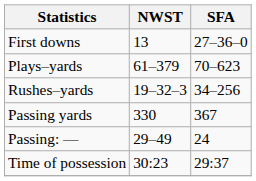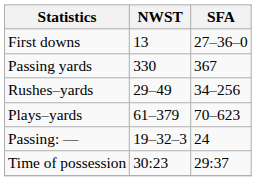 <table class="wikitable" style="float: left;">
 <tr>
 <th>Statistics</th>
 <th>NWST</th>
 <th>SFA</th>
 </tr>
 <tr>
 <td>First downs</td>
 <td>13</td>
 <td>27–36–0</td>
 </tr>
 <tr>
+<td>Passing yards</td>
+<td>330</td>
+<td>367</td>
+</tr>
+<tr>
+<td>Rushes–yards</td>
+<td>29–49</td>
+<td>34–256</td>
+</tr>
+<tr>
 <td>Plays–yards</td>
 <td>61–379</td>
 <td>70–623</td>
 </tr>
 <tr>
-<td>Rushes–yards</td>
+<td>Passing: ––</td>
 <td>19–32–3</td>
-<td>34–256</td>
-</tr>
-<tr>
-<td>Passing yards</td>
-<td>330</td>
-<td>367</td>
-</tr>
-<tr>
-<td>Passing: ––</td>
-<td>29–49</td>
 <td>24</td>
 </tr>
 <tr>
 <td>Time of possession</td>
 <td>30:23</td>
 <td>29:37</td>
 </tr>
 <tr>
 </tr>
 </table>
